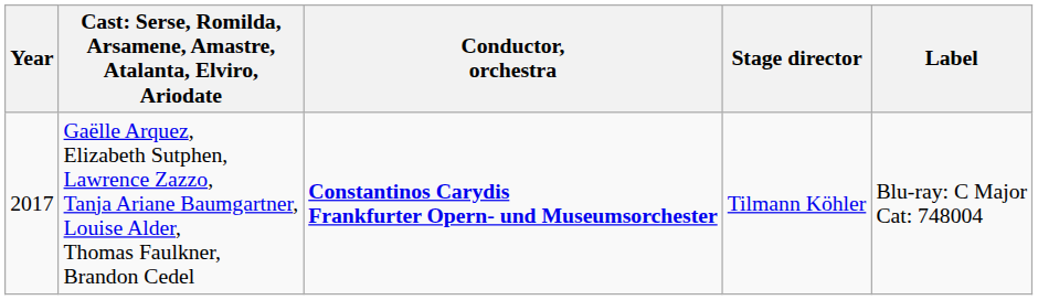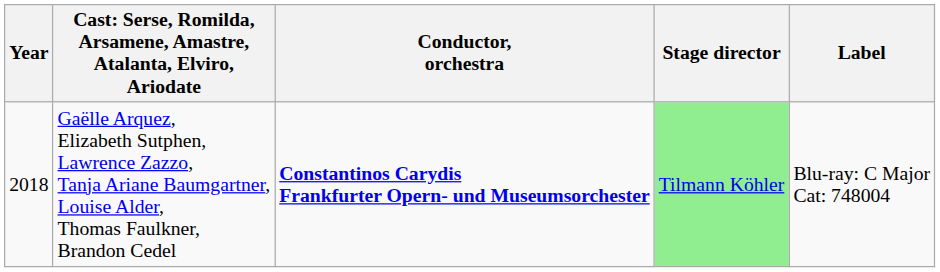 <table class="wikitable">
 <tr>
 <th>Year</th>
 <th>Cast: Serse, Romilda,<br>Arsamene, Amastre,<br>Atalanta, Elviro,<br>Ariodate</th>
 <th>Conductor,<br>orchestra</th>
 <th>Stage director</th>
 <th>Label</th>
 </tr>
 <tr>
-<td>2017</td>
+<td>2018</td>
 <td><a href='#'>Gaëlle Arquez</a>,<br>Elizabeth Sutphen,<br><a href='#'>Lawrence Zazzo</a>,<br><a href='#'>Tanja Ariane Baumgartner</a>,<br><a href='#'>Louise Alder</a>,<br>Thomas Faulkner,<br>Brandon Cedel</td>
 <td><strong><a href='#'>Constantinos Carydis</a><br><a href='#'>Frankfurter Opern- und Museumsorchester</a></strong></td>
-<td><a href='#'>Tilmann Köhler</a></td>
+<td style="background: lightgreen;"><a href='#'>Tilmann Köhler</a></td>
 <td>Blu-ray: C Major<br>Cat: 748004</td>
 </tr>
 </table>
